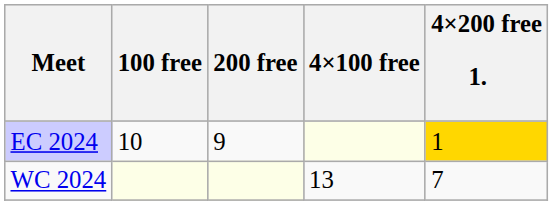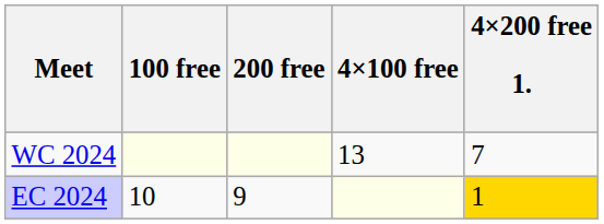 <table class="sortable wikitable">
 <tr>
 <th>Meet</th>
 <th class="unsortable">100 free</th>
 <th class="unsortable">200 free</th>
 <th class="unsortable">4×100 free</th>
 <th class="unsortable">4×200 free<br><ol><li></li></ol></th>
 </tr>
 <tr>
+<td><a href='#'>WC 2024</a></td>
+<td style="background:#fdffe7"></td>
+<td style="background:#fdffe7"></td>
+<td>13</td>
+<td>7</td>
+</tr>
+<tr>
 <td style="background:#ccccff"><a href='#'>EC 2024</a></td>
 <td>10</td>
 <td>9</td>
 <td style="background:#fdffe7"></td>
 <td style="background:gold">1</td>
 </tr>
-<tr>
-<td><a href='#'>WC 2024</a></td>
-<td style="background:#fdffe7"></td>
-<td style="background:#fdffe7"></td>
-<td>13</td>
-<td>7</td>
-</tr>
 </table>
